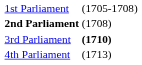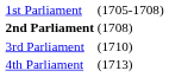 <table id=toc style="float:right">
 <tr>
 <td><a href='#'>1st Parliament</a></td>
 <td>(1705-1708)</td>
 </tr>
 <tr>
 <td><strong>2nd Parliament</strong></td>
 <td>(1708)</td>
 </tr>
 <tr>
 <td><a href='#'>3rd Parliament</a></td>
-<td><strong>(1710)</strong></td>
+<td>(1710)</td>
 </tr>
 <tr>
 <td><a href='#'>4th Parliament</a></td>
 <td>(1713)</td>
 </tr>
 </table>
